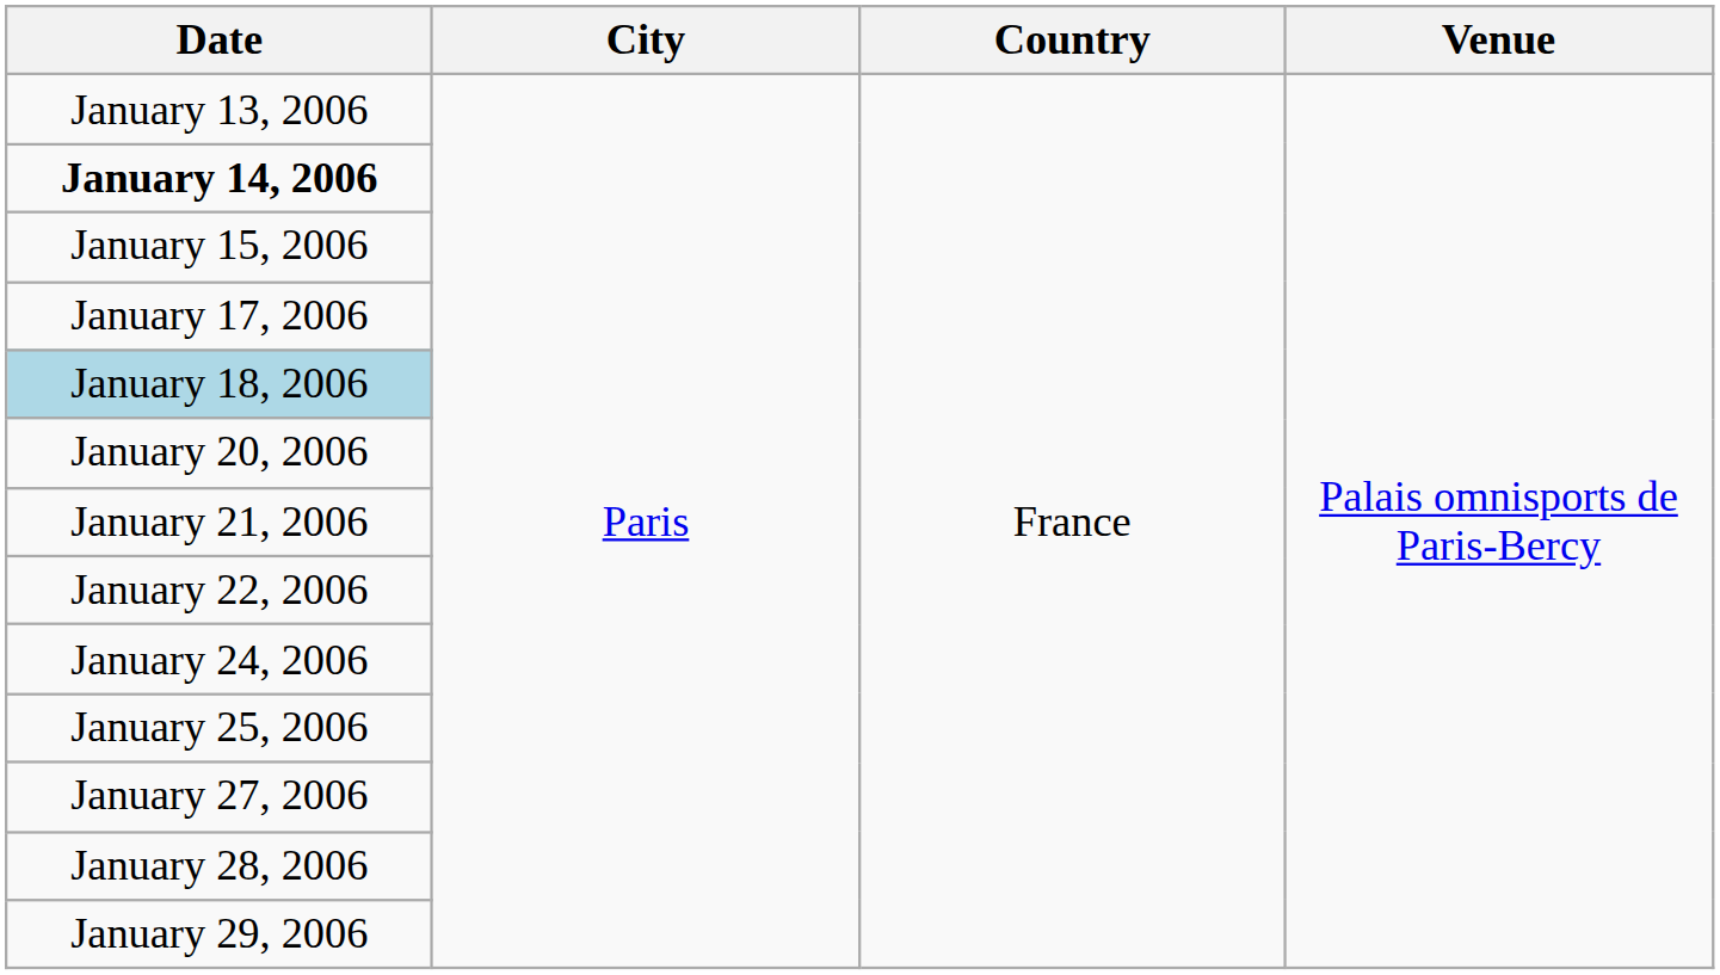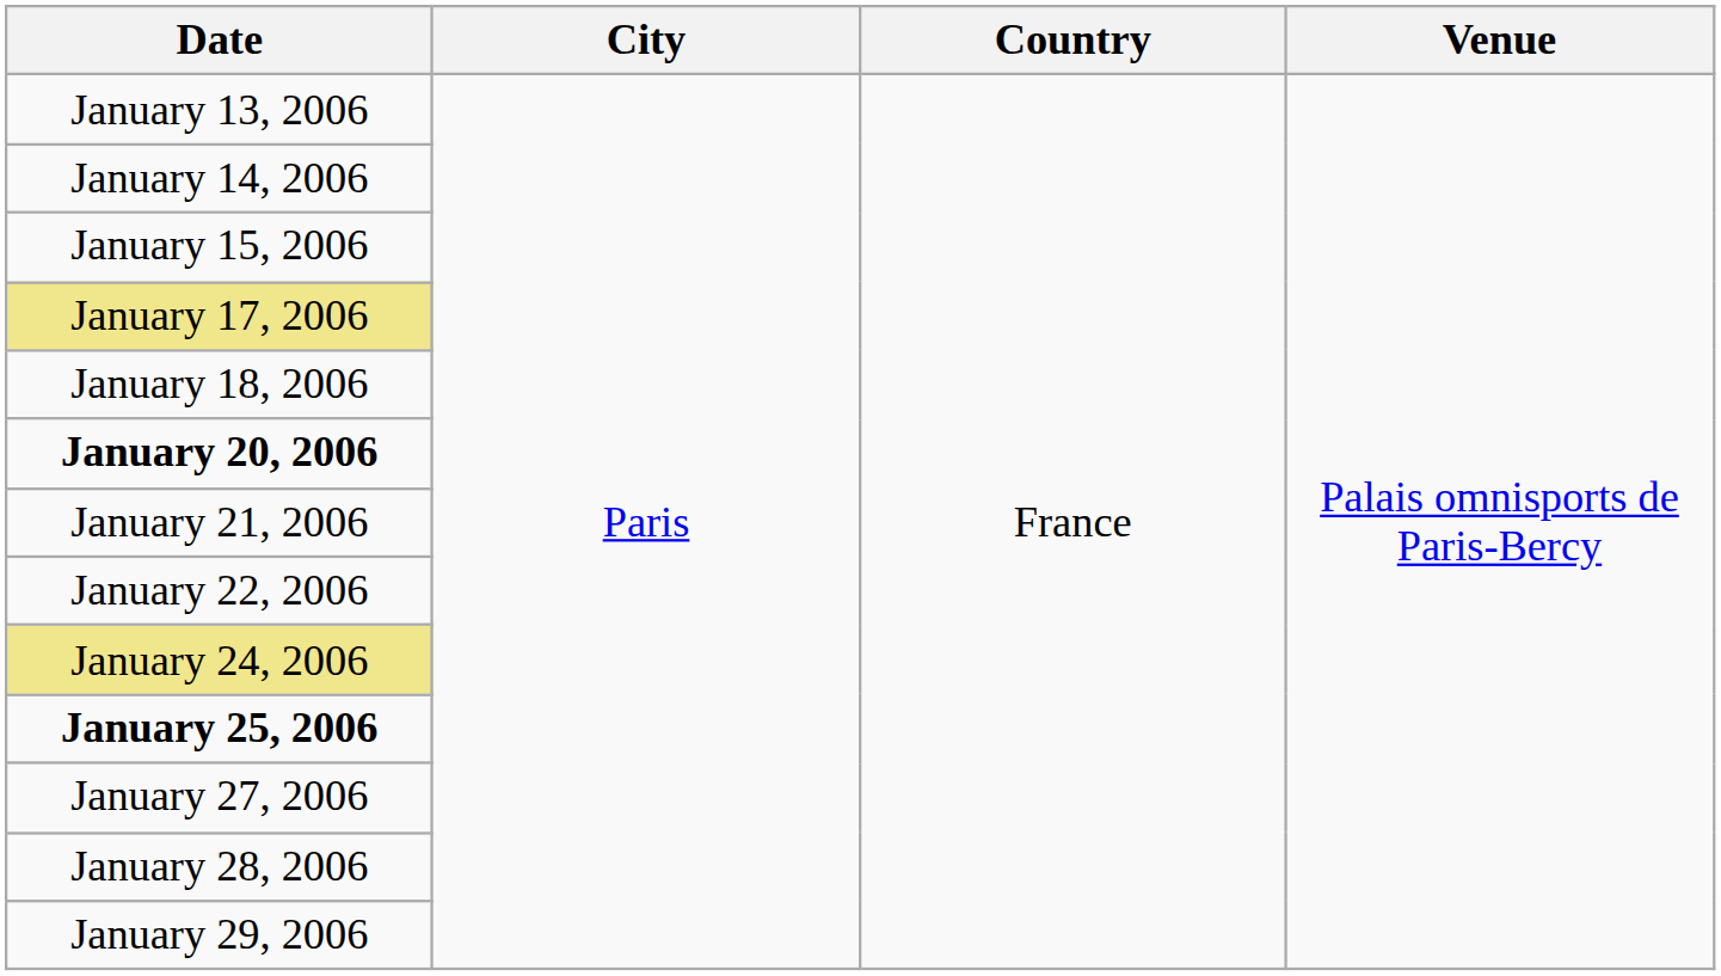 <table class="wikitable" style="text-align:center;">
 <tr>
 <th width="150">Date</th>
 <th width="150">City</th>
 <th width="150">Country</th>
 <th width="150">Venue</th>
 </tr>
 <tr>
 <td>January 13, 2006</td>
 <td rowspan="13"><a href='#'>Paris</a></td>
 <td rowspan="13">France</td>
 <td rowspan="13"><a href='#'>Palais omnisports de Paris-Bercy</a></td>
 </tr>
 <tr>
-<td><strong>January 14, 2006</strong></td>
+<td>January 14, 2006</td>
 </tr>
 <tr>
 <td>January 15, 2006</td>
 </tr>
 <tr>
-<td>January 17, 2006</td>
+<td style="background: khaki;">January 17, 2006</td>
 </tr>
 <tr>
-<td style="background: lightblue;">January 18, 2006</td>
+<td>January 18, 2006</td>
 </tr>
 <tr>
-<td>January 20, 2006</td>
+<td><strong>January 20, 2006</strong></td>
 </tr>
 <tr>
 <td>January 21, 2006</td>
 </tr>
 <tr>
 <td>January 22, 2006</td>
 </tr>
 <tr>
-<td>January 24, 2006</td>
+<td style="background: khaki;">January 24, 2006</td>
 </tr>
 <tr>
-<td>January 25, 2006</td>
+<td><strong>January 25, 2006</strong></td>
 </tr>
 <tr>
 <td>January 27, 2006</td>
 </tr>
 <tr>
 <td>January 28, 2006</td>
 </tr>
 <tr>
 <td>January 29, 2006</td>
 </tr>
 </table>
